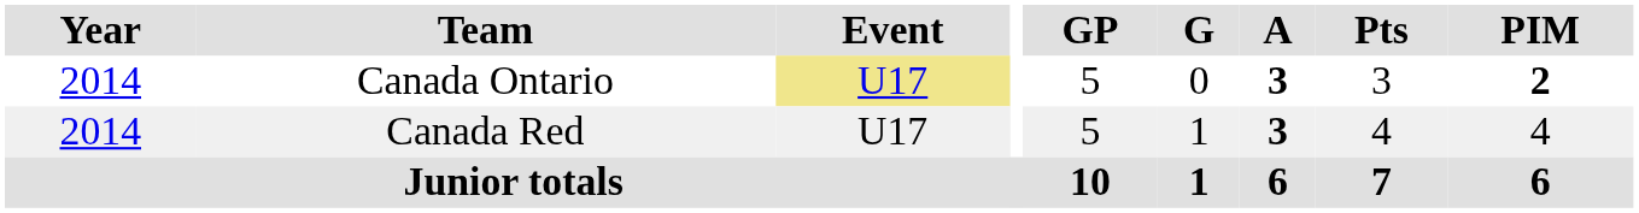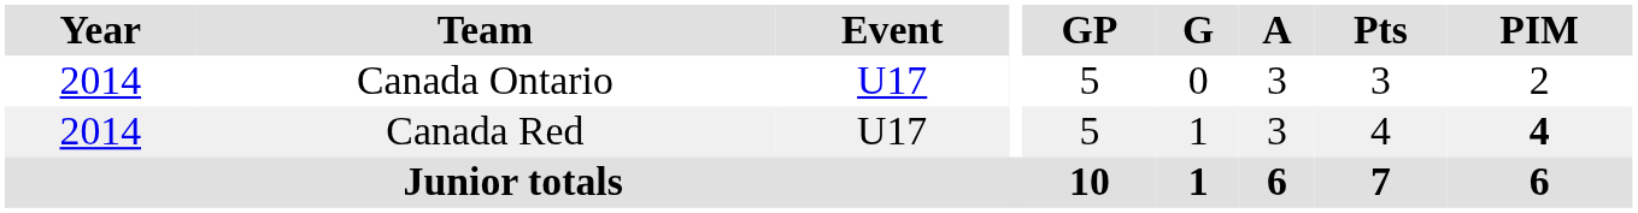 <table border="0" cellpadding="1" cellspacing="0" ID="Table3" style="text-align:center; width:40em">
 <tr bgcolor="#e0e0e0">
 <th>Year</th>
 <th>Team</th>
 <th>Event</th>
 <th rowspan="102" bgcolor="#ffffff"></th>
 <th>GP</th>
 <th>G</th>
 <th>A</th>
 <th>Pts</th>
 <th>PIM</th>
 </tr>
 <tr>
 <td><a href='#'>2014</a></td>
 <td>Canada Ontario</td>
-<td style="background: khaki;"><a href='#'>U17</a></td>
+<td><a href='#'>U17</a></td>
 <td>5</td>
 <td>0</td>
-<td><strong>3</strong></td>
 <td>3</td>
-<td><strong>2</strong></td>
+<td>3</td>
+<td>2</td>
 </tr>
 <tr bgcolor="#f0f0f0">
 <td><a href='#'>2014</a></td>
 <td>Canada Red</td>
 <td>U17</td>
 <td>5</td>
 <td>1</td>
-<td><strong>3</strong></td>
+<td>3</td>
 <td>4</td>
-<td>4</td>
+<td><strong>4</strong></td>
 </tr>
 <tr bgcolor="#e0e0e0">
 <th colspan="4">Junior totals</th>
 <th>10</th>
 <th>1</th>
 <th>6</th>
 <th>7</th>
 <th>6</th>
 </tr>
 </table>
